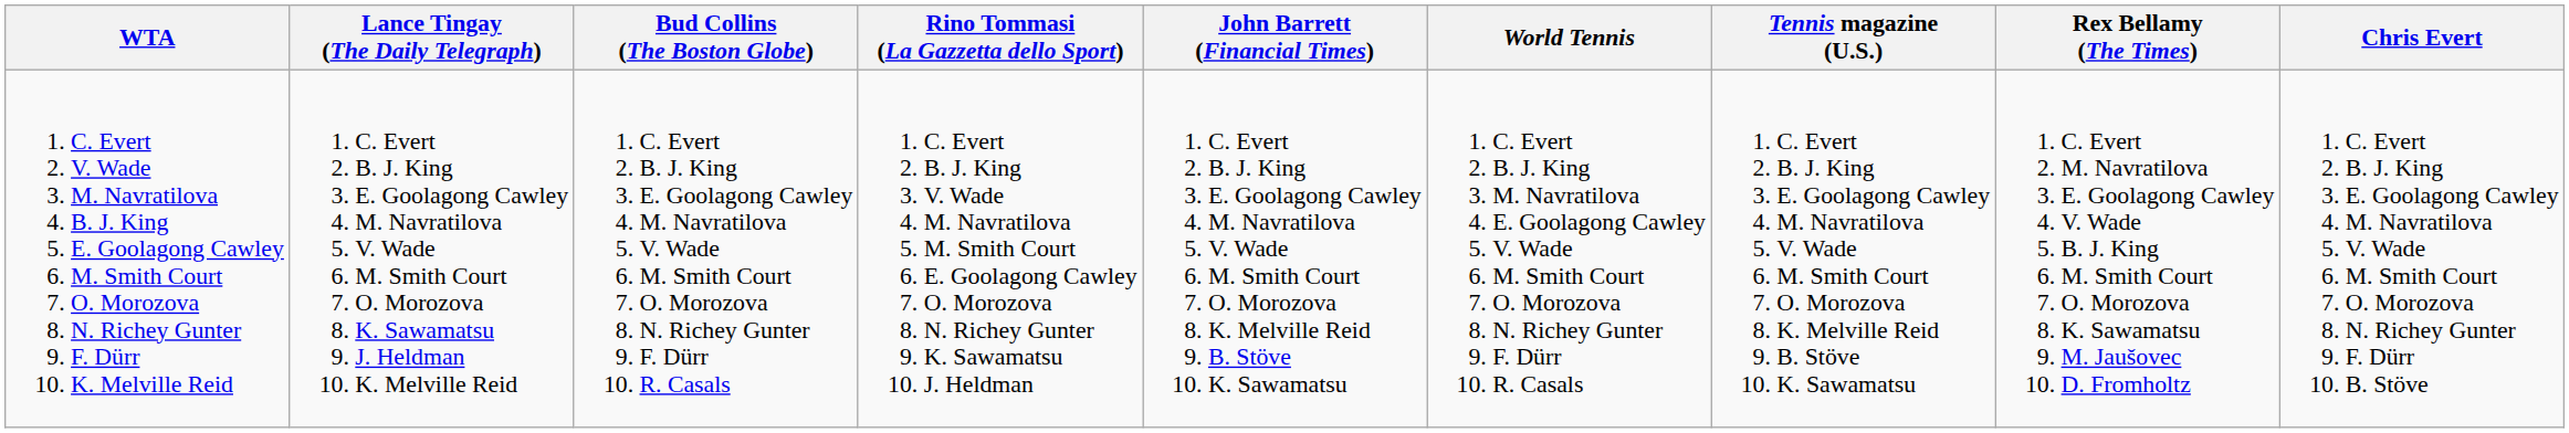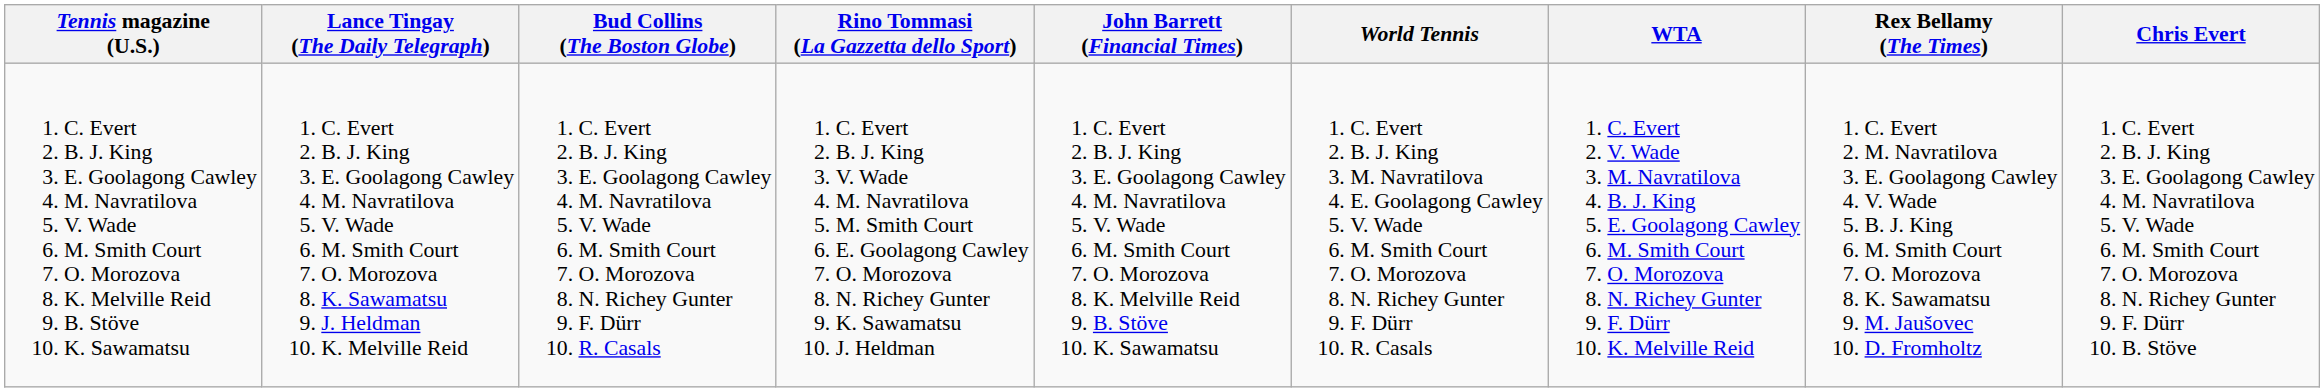 <table class="wikitable">
 <tr>
-<th><a href='#'>WTA</a></th>
+<th><em><a href='#'>Tennis</a></em> magazine<br>(U.S.)</th>
 <th><a href='#'>Lance Tingay</a><br>(<em><a href='#'>The Daily Telegraph</a></em>)</th>
 <th><a href='#'>Bud Collins</a><br>(<em><a href='#'>The Boston Globe</a></em>)</th>
 <th><a href='#'>Rino Tommasi</a><br>(<em><a href='#'>La Gazzetta dello Sport</a></em>)</th>
 <th><a href='#'>John Barrett</a><br>(<em><a href='#'>Financial Times</a></em>)</th>
 <th><em>World Tennis</em></th>
-<th><em><a href='#'>Tennis</a></em> magazine<br>(U.S.)</th>
+<th><a href='#'>WTA</a></th>
 <th>Rex Bellamy<br>(<em><a href='#'>The Times</a></em>)</th>
 <th><a href='#'>Chris Evert</a><em></em></th>
 </tr>
 <tr style="vertical-align: top;">
-<td style="white-space: nowrap;"><br><ol><li> <a href='#'>C. Evert</a></li><li> <a href='#'>V. Wade</a></li><li> <a href='#'>M. Navratilova</a></li><li> <a href='#'>B. J. King</a></li><li> <a href='#'>E. Goolagong Cawley</a></li><li> <a href='#'>M. Smith Court</a></li><li> <a href='#'>O. Morozova</a></li><li> <a href='#'>N. Richey Gunter</a></li><li> <a href='#'>F. Dürr</a></li><li> <a href='#'>K. Melville Reid</a></li></ol></td>
+<td style="white-space: nowrap;"><br><ol><li> C. Evert</li><li> B. J. King</li><li> E. Goolagong Cawley</li><li> M. Navratilova</li><li> V. Wade</li><li> M. Smith Court</li><li> O. Morozova</li><li> K. Melville Reid</li><li> B. Stöve</li><li> K. Sawamatsu</li></ol></td>
 <td style="white-space: nowrap;"><br><ol><li> C. Evert</li><li> B. J. King</li><li> E. Goolagong Cawley</li><li> M. Navratilova</li><li> V. Wade</li><li> M. Smith Court</li><li> O. Morozova</li><li> <a href='#'>K. Sawamatsu</a></li><li> <a href='#'>J. Heldman</a></li><li> K. Melville Reid</li></ol></td>
 <td style="white-space: nowrap;"><br><ol><li> C. Evert</li><li> B. J. King</li><li> E. Goolagong Cawley</li><li> M. Navratilova</li><li> V. Wade</li><li> M. Smith Court</li><li> O. Morozova</li><li>  N. Richey Gunter</li><li> F. Dürr</li><li> <a href='#'>R. Casals</a></li></ol></td>
 <td style="white-space: nowrap;"><br><ol><li> C. Evert</li><li> B. J. King</li><li> V. Wade</li><li> M. Navratilova</li><li> M. Smith Court</li><li> E. Goolagong Cawley</li><li> O. Morozova</li><li> N. Richey Gunter</li><li> K. Sawamatsu</li><li> J. Heldman</li></ol></td>
 <td style="white-space: nowrap;"><br><ol><li> C. Evert</li><li> B. J. King</li><li> E. Goolagong Cawley</li><li> M. Navratilova</li><li> V. Wade</li><li> M. Smith Court</li><li> O. Morozova</li><li> K. Melville Reid</li><li> <a href='#'>B. Stöve</a></li><li> K. Sawamatsu</li></ol></td>
 <td style="white-space: nowrap;"><br><ol><li> C. Evert</li><li> B. J. King</li><li> M. Navratilova</li><li> E. Goolagong Cawley</li><li> V. Wade</li><li> M. Smith Court</li><li> O. Morozova</li><li> N. Richey Gunter</li><li> F. Dürr</li><li> R. Casals</li></ol></td>
-<td style="white-space: nowrap;"><br><ol><li> C. Evert</li><li> B. J. King</li><li> E. Goolagong Cawley</li><li> M. Navratilova</li><li> V. Wade</li><li> M. Smith Court</li><li> O. Morozova</li><li> K. Melville Reid</li><li> B. Stöve</li><li> K. Sawamatsu</li></ol></td>
+<td style="white-space: nowrap;"><br><ol><li> <a href='#'>C. Evert</a></li><li> <a href='#'>V. Wade</a></li><li> <a href='#'>M. Navratilova</a></li><li> <a href='#'>B. J. King</a></li><li> <a href='#'>E. Goolagong Cawley</a></li><li> <a href='#'>M. Smith Court</a></li><li> <a href='#'>O. Morozova</a></li><li> <a href='#'>N. Richey Gunter</a></li><li> <a href='#'>F. Dürr</a></li><li> <a href='#'>K. Melville Reid</a></li></ol></td>
 <td style="white-space: nowrap;"><br><ol><li> C. Evert</li><li> M. Navratilova</li><li> E. Goolagong Cawley</li><li> V. Wade</li><li> B. J. King</li><li> M. Smith Court</li><li> O. Morozova</li><li> K. Sawamatsu</li><li> <a href='#'>M. Jaušovec</a></li><li> <a href='#'>D. Fromholtz</a></li></ol></td>
 <td style="white-space: nowrap;"><br><ol><li> C. Evert</li><li> B. J. King</li><li> E. Goolagong Cawley</li><li> M. Navratilova</li><li> V. Wade</li><li> M. Smith Court</li><li> O. Morozova</li><li> N. Richey Gunter</li><li> F. Dürr</li><li> B. Stöve</li></ol></td>
 </tr>
 </table>
